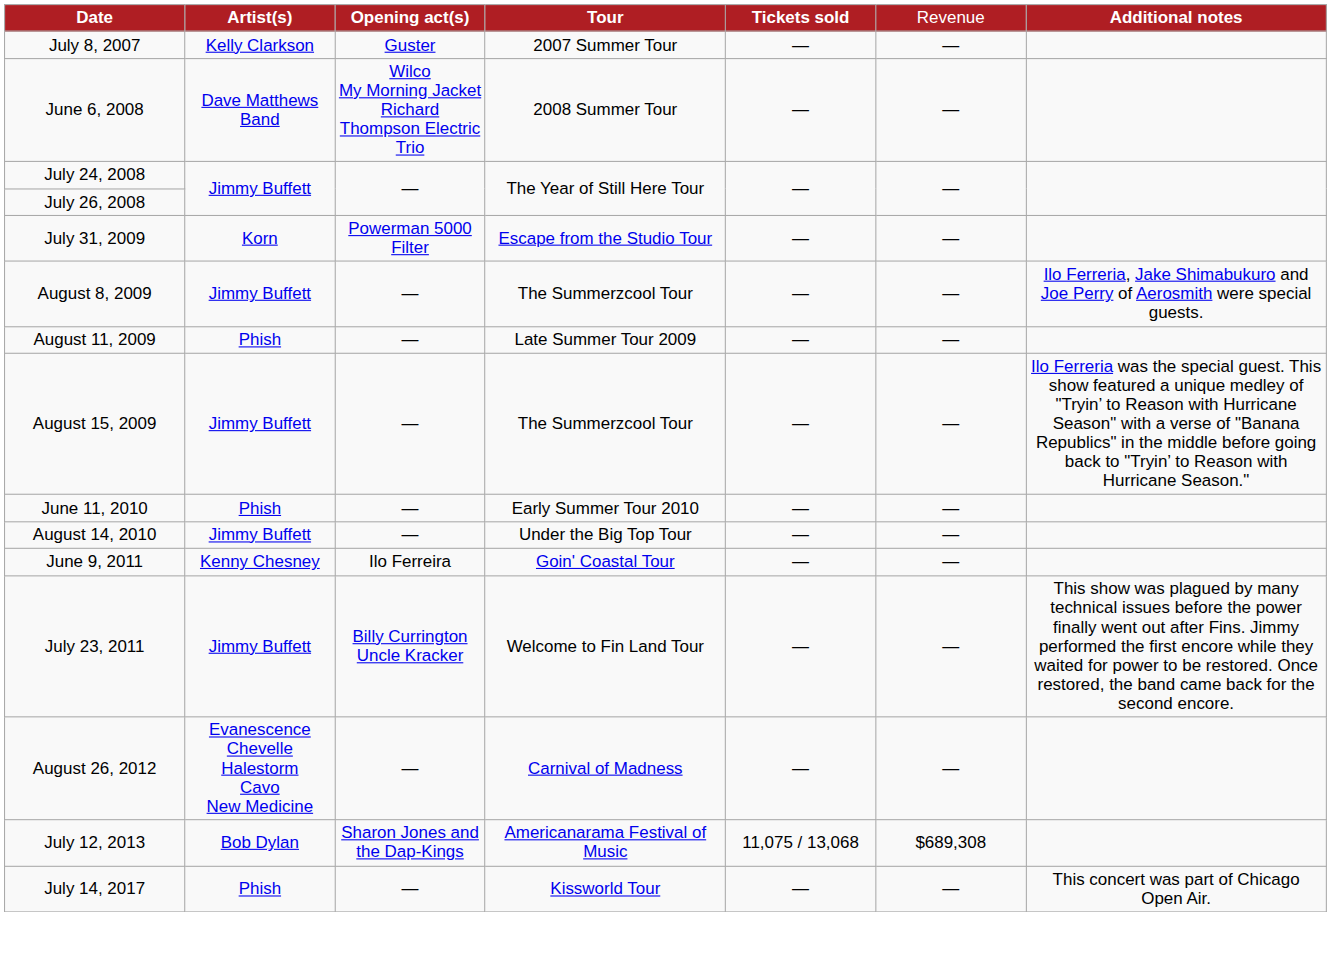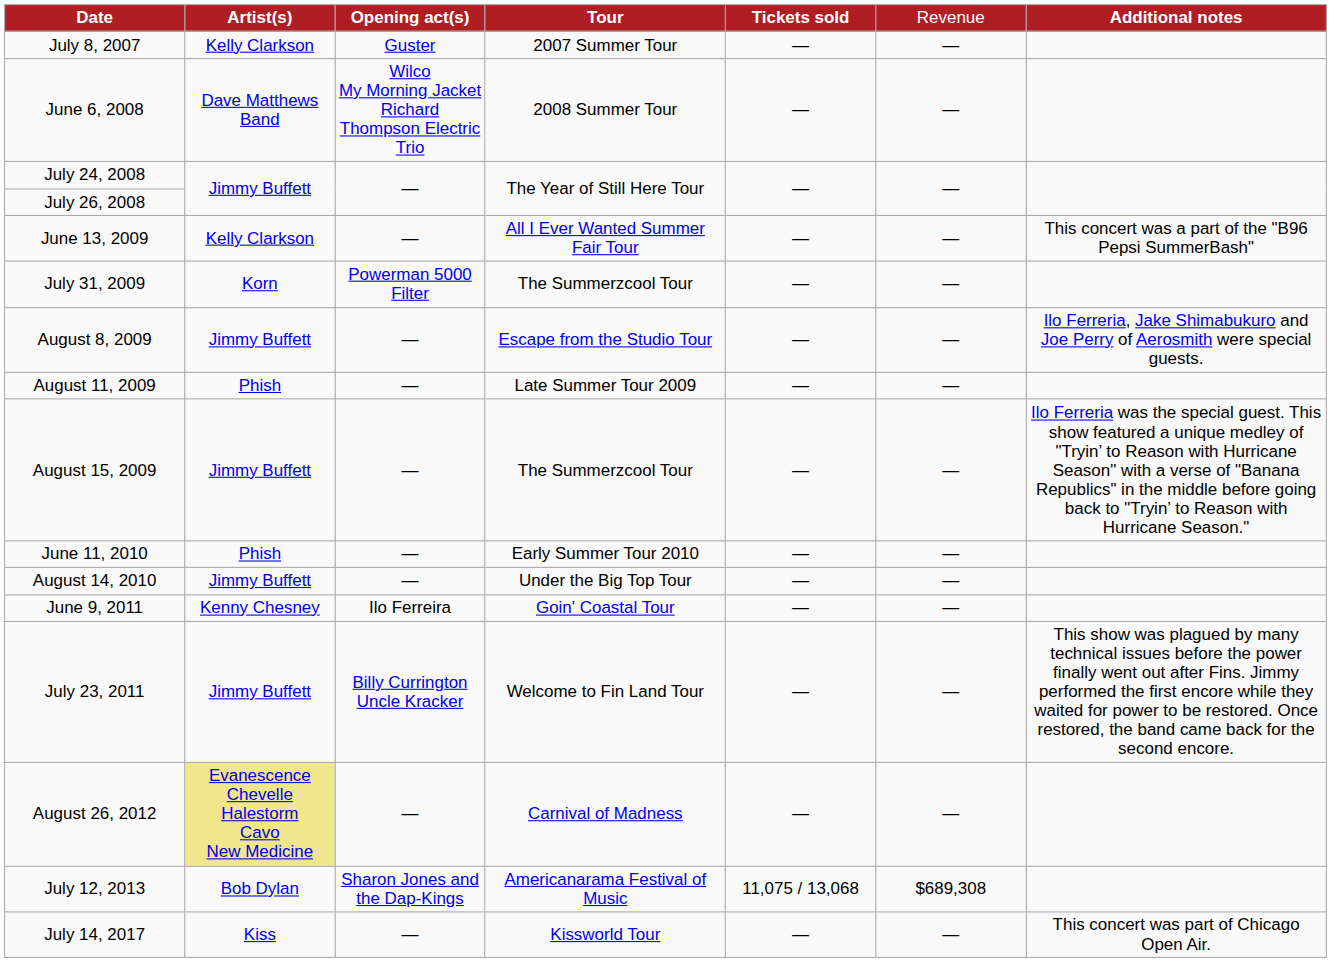 <table class="wikitable" style="text-align:center;">
 <tr>
 <th width=12% style="text-align:center; background:#AF1E23; color:#FFFFFF; ">Date</th>
 <th width=10% style="text-align:center; background:#AF1E23; color:#FFFFFF; ">Artist(s)</th>
 <th width=10% style="text-align:center; background:#AF1E23; color:#FFFFFF; ">Opening act(s)</th>
 <th width=16% style="text-align:center; background:#AF1E23; color:#FFFFFF; ">Tour</th>
 <th width=10% style="text-align:center; background:#AF1E23; color:#FFFFFF; ">Tickets sold</th>
 <td width=10% style="text-align:center; background:#AF1E23; color:#FFFFFF; ">Revenue</td>
 <th width=20% style="text-align:center; background:#AF1E23; color:#FFFFFF; ">Additional notes</th>
 </tr>
 <tr>
 <td>July 8, 2007</td>
 <td><a href='#'>Kelly Clarkson</a></td>
 <td><a href='#'>Guster</a></td>
 <td>2007 Summer Tour</td>
 <td>—</td>
 <td>—</td>
 <td></td>
 </tr>
 <tr>
 <td>June 6, 2008</td>
 <td><a href='#'>Dave Matthews Band</a></td>
 <td><a href='#'>Wilco</a><br><a href='#'>My Morning Jacket</a><br><a href='#'>Richard Thompson Electric Trio</a></td>
 <td>2008 Summer Tour</td>
 <td>—</td>
 <td>—</td>
 <td></td>
 </tr>
 <tr>
 <td>July 24, 2008</td>
 <td rowspan=2><a href='#'>Jimmy Buffett</a></td>
 <td rowspan=2>—</td>
 <td rowspan=2>The Year of Still Here Tour</td>
 <td rowspan=2>—</td>
 <td rowspan=2>—</td>
 <td rowspan=2></td>
 </tr>
 <tr>
 <td>July 26, 2008</td>
 </tr>
 <tr>
+<td>June 13, 2009</td>
+<td><a href='#'>Kelly Clarkson</a></td>
+<td>—</td>
+<td><a href='#'>All I Ever Wanted Summer Fair Tour</a></td>
+<td>—</td>
+<td>—</td>
+<td>This concert was a part of the "B96 Pepsi SummerBash"</td>
+</tr>
+<tr>
 <td>July 31, 2009</td>
 <td><a href='#'>Korn</a></td>
 <td><a href='#'>Powerman 5000</a><br><a href='#'>Filter</a></td>
-<td><a href='#'>Escape from the Studio Tour</a></td>
+<td>The Summerzcool Tour</td>
 <td>—</td>
 <td>—</td>
 <td></td>
 </tr>
 <tr>
 <td>August 8, 2009</td>
 <td><a href='#'>Jimmy Buffett</a></td>
 <td>—</td>
-<td>The Summerzcool Tour</td>
+<td><a href='#'>Escape from the Studio Tour</a></td>
 <td>—</td>
 <td>—</td>
 <td><a href='#'>Ilo Ferreria</a>, <a href='#'>Jake Shimabukuro</a> and <a href='#'>Joe Perry</a> of <a href='#'>Aerosmith</a> were special guests.</td>
 </tr>
 <tr>
 <td>August 11, 2009</td>
 <td><a href='#'>Phish</a></td>
 <td>—</td>
 <td>Late Summer Tour 2009</td>
 <td>—</td>
 <td>—</td>
 <td></td>
 </tr>
 <tr>
 <td>August 15, 2009</td>
 <td><a href='#'>Jimmy Buffett</a></td>
 <td>—</td>
 <td>The Summerzcool Tour</td>
 <td>—</td>
 <td>—</td>
 <td><a href='#'>Ilo Ferreria</a> was the special guest. This show featured a unique medley of "Tryin’ to Reason with Hurricane Season" with a verse of "Banana Republics" in the middle before going back to "Tryin’ to Reason with Hurricane Season."</td>
 </tr>
 <tr>
 <td>June 11, 2010</td>
 <td><a href='#'>Phish</a></td>
 <td>—</td>
 <td>Early Summer Tour 2010</td>
 <td>—</td>
 <td>—</td>
 <td></td>
 </tr>
 <tr>
 <td>August 14, 2010</td>
 <td><a href='#'>Jimmy Buffett</a></td>
 <td>—</td>
 <td>Under the Big Top Tour</td>
 <td>—</td>
 <td>—</td>
 <td></td>
 </tr>
 <tr>
 <td>June 9, 2011</td>
 <td><a href='#'>Kenny Chesney</a></td>
 <td>Ilo Ferreira</td>
 <td><a href='#'>Goin' Coastal Tour</a></td>
 <td>—</td>
 <td>—</td>
 <td></td>
 </tr>
 <tr>
 <td>July 23, 2011</td>
 <td><a href='#'>Jimmy Buffett</a></td>
 <td><a href='#'>Billy Currington</a><br><a href='#'>Uncle Kracker</a></td>
 <td>Welcome to Fin Land Tour</td>
 <td>—</td>
 <td>—</td>
 <td>This show was plagued by many technical issues before the power finally went out after Fins. Jimmy performed the first encore while they waited for power to be restored. Once restored, the band came back for the second encore.</td>
 </tr>
 <tr>
 <td>August 26, 2012</td>
-<td><a href='#'>Evanescence</a><br><a href='#'>Chevelle</a><br><a href='#'>Halestorm</a><br><a href='#'>Cavo</a><br><a href='#'>New Medicine</a></td>
+<td style="background: khaki;"><a href='#'>Evanescence</a><br><a href='#'>Chevelle</a><br><a href='#'>Halestorm</a><br><a href='#'>Cavo</a><br><a href='#'>New Medicine</a></td>
 <td>—</td>
 <td><a href='#'>Carnival of Madness</a></td>
 <td>—</td>
 <td>—</td>
 <td></td>
 </tr>
 <tr>
 <td>July 12, 2013</td>
 <td><a href='#'>Bob Dylan</a></td>
 <td><a href='#'>Sharon Jones and the Dap-Kings</a></td>
 <td><a href='#'>Americanarama Festival of Music</a></td>
 <td>11,075 / 13,068</td>
 <td>$689,308</td>
 <td></td>
 </tr>
 <tr>
 <td>July 14, 2017</td>
-<td><a href='#'>Phish</a></td>
+<td><a href='#'>Kiss</a></td>
 <td>—</td>
 <td><a href='#'>Kissworld Tour</a></td>
 <td>—</td>
 <td>—</td>
 <td>This concert was part of Chicago Open Air.</td>
 </tr>
 </table>
